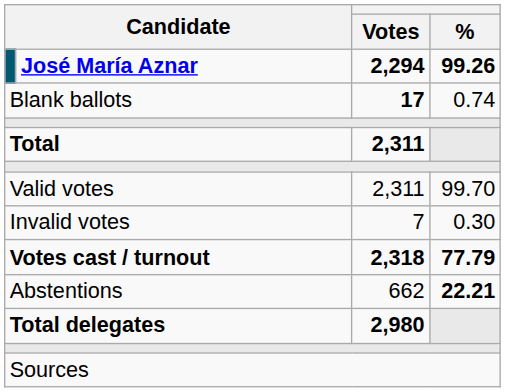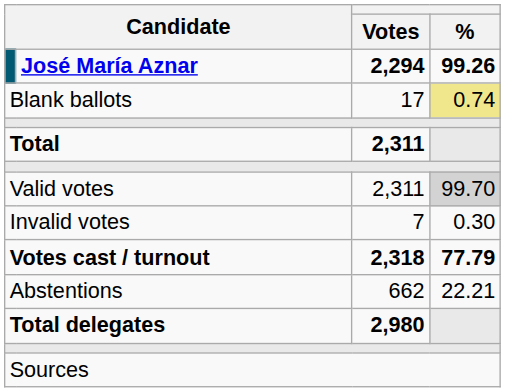 <table class="wikitable" style="text-align:right;">
 <tr>
 <th rowspan="2" colspan="2" width="250">Candidate</th>
 <th colspan="2"></th>
 </tr>
 <tr>
 <th width="50">Votes</th>
 <th width="45">%</th>
 </tr>
 <tr>
 <td width="1" style="color:inherit;background:#005973"></td>
 <td align="left"><strong><a href='#'>José María Aznar</a></strong></td>
 <td><strong>2,294</strong></td>
 <td><strong>99.26</strong></td>
 </tr>
 <tr>
 <td align="left" colspan="2">Blank ballots</td>
-<td><strong>17</strong></td>
-<td>0.74</td>
+<td>17</td>
+<td style="background: khaki;">0.74</td>
 </tr>
 <tr>
 <td colspan="4" bgcolor="#E9E9E9"></td>
 </tr>
 <tr style="font-weight:bold;">
 <td align="left" colspan="2">Total</td>
 <td>2,311</td>
 <td bgcolor="#E9E9E9"></td>
 </tr>
 <tr>
 <td colspan="4" bgcolor="#E9E9E9"></td>
 </tr>
 <tr>
 <td align="left" colspan="2">Valid votes</td>
 <td>2,311</td>
-<td>99.70</td>
+<td style="background: lightgrey;">99.70</td>
 </tr>
 <tr>
 <td align="left" colspan="2">Invalid votes</td>
 <td>7</td>
 <td>0.30</td>
 </tr>
 <tr style="font-weight:bold;">
 <td align="left" colspan="2">Votes cast / turnout</td>
 <td>2,318</td>
 <td>77.79</td>
 </tr>
 <tr>
 <td align="left" colspan="2">Abstentions</td>
 <td>662</td>
-<td><strong>22.21</strong></td>
+<td>22.21</td>
 </tr>
 <tr style="font-weight:bold;">
 <td align="left" colspan="2">Total delegates</td>
 <td>2,980</td>
 <td bgcolor="#E9E9E9"></td>
 </tr>
 <tr>
 <td colspan="4" bgcolor="#E9E9E9"></td>
 </tr>
 <tr>
 <td align="left" colspan="4">Sources</td>
 </tr>
 </table>
